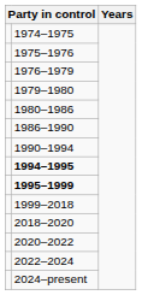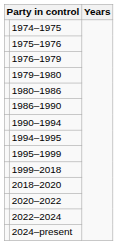 <table class="wikitable">
 <tr>
 <th colspan=2>Party in control</th>
 <th>Years</th>
 </tr>
 <tr>
 <td></td>
 <td>1974–1975</td>
 </tr>
 <tr>
 <td></td>
 <td>1975–1976</td>
 </tr>
 <tr>
 <td></td>
 <td>1976–1979</td>
 </tr>
 <tr>
 <td></td>
 <td>1979–1980</td>
 </tr>
 <tr>
 <td></td>
 <td>1980–1986</td>
 </tr>
 <tr>
 <td></td>
 <td>1986–1990</td>
 </tr>
 <tr>
 <td></td>
 <td>1990–1994</td>
 </tr>
 <tr>
 <td></td>
-<td><strong>1994–1995</strong></td>
+<td>1994–1995</td>
 </tr>
 <tr>
 <td></td>
-<td><strong>1995–1999</strong></td>
+<td>1995–1999</td>
 </tr>
 <tr>
 <td></td>
 <td>1999–2018</td>
 </tr>
 <tr>
 <td></td>
 <td>2018–2020</td>
 </tr>
 <tr>
 <td></td>
 <td>2020–2022</td>
 </tr>
 <tr>
 <td></td>
 <td>2022–2024</td>
 </tr>
 <tr>
 <td></td>
 <td>2024–present</td>
 </tr>
 </table>
